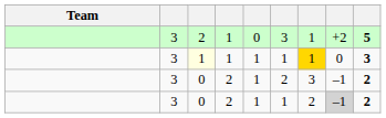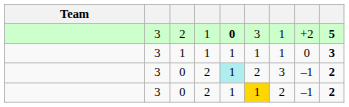 <table class="wikitable" style="text-align:center">
 <tr>
 <th width=175>Team</th>
 <th width=25></th>
 <th width=25></th>
 <th width=25></th>
 <th width=25></th>
 <th width=25></th>
 <th width=25></th>
 <th width=25></th>
 <th width=25></th>
 </tr>
 <tr bgcolor=#ccffcc>
 <td align=left></td>
 <td>3</td>
 <td>2</td>
 <td>1</td>
-<td>0</td>
+<td><strong>0</strong></td>
 <td>3</td>
 <td>1</td>
 <td>+2</td>
 <td><strong>5</strong></td>
 </tr>
 <tr>
 <td align=left></td>
 <td>3</td>
-<td style="background: lightyellow;">1</td>
 <td>1</td>
 <td>1</td>
 <td>1</td>
-<td style="background: gold;">1</td>
+<td>1</td>
+<td>1</td>
 <td>0</td>
 <td><strong>3</strong></td>
 </tr>
 <tr>
 <td align=left></td>
 <td>3</td>
 <td>0</td>
 <td>2</td>
-<td>1</td>
+<td style="background: paleturquoise;">1</td>
 <td>2</td>
 <td>3</td>
 <td>–1</td>
 <td><strong>2</strong></td>
 </tr>
 <tr>
 <td align=left></td>
 <td>3</td>
 <td>0</td>
 <td>2</td>
 <td>1</td>
-<td>1</td>
+<td style="background: gold;">1</td>
 <td>2</td>
-<td style="background: lightgrey;">–1</td>
+<td>–1</td>
 <td><strong>2</strong></td>
 </tr>
 </table>
